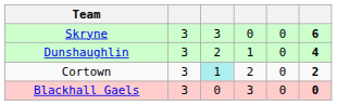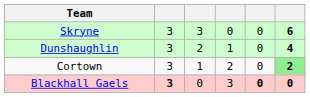 <table class="wikitable" style="text-align:center">
 <tr>
 <th width="175">Team</th>
 <th width="30"></th>
 <th width="30"></th>
 <th width="30"></th>
 <th width="30"></th>
 <th width="30"></th>
 </tr>
 <tr style="background:#cfc;">
 <td><a href='#'>Skryne</a></td>
 <td>3</td>
 <td>3</td>
 <td>0</td>
 <td>0</td>
 <td><strong>6</strong></td>
 </tr>
 <tr style="background:#cfc;">
 <td><a href='#'>Dunshaughlin</a></td>
 <td>3</td>
 <td>2</td>
 <td>1</td>
 <td>0</td>
 <td><strong>4</strong></td>
 </tr>
 <tr>
 <td>Cortown</td>
 <td>3</td>
-<td style="background: paleturquoise;">1</td>
+<td>1</td>
 <td>2</td>
 <td>0</td>
-<td><strong>2</strong></td>
+<td style="background: lightgreen;"><strong>2</strong></td>
 </tr>
 <tr style="background:#fcc;">
 <td><a href='#'>Blackhall Gaels</a></td>
-<td>3</td>
+<td><strong>3</strong></td>
 <td>0</td>
 <td>3</td>
-<td>0</td>
+<td><strong>0</strong></td>
 <td><strong>0</strong></td>
 </tr>
 </table>
